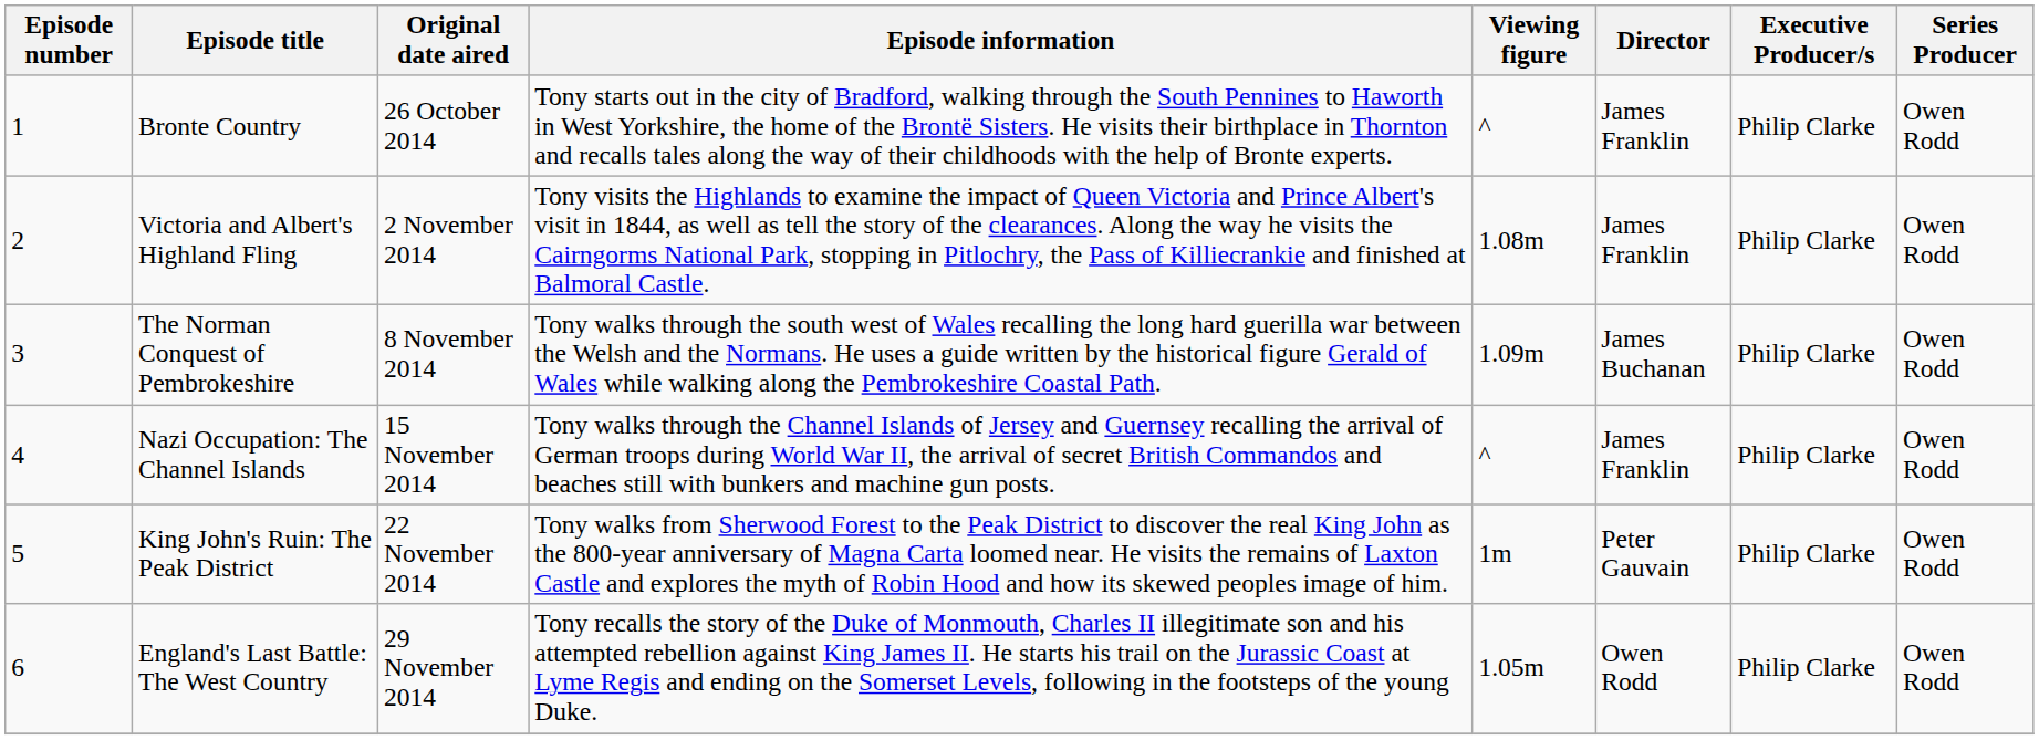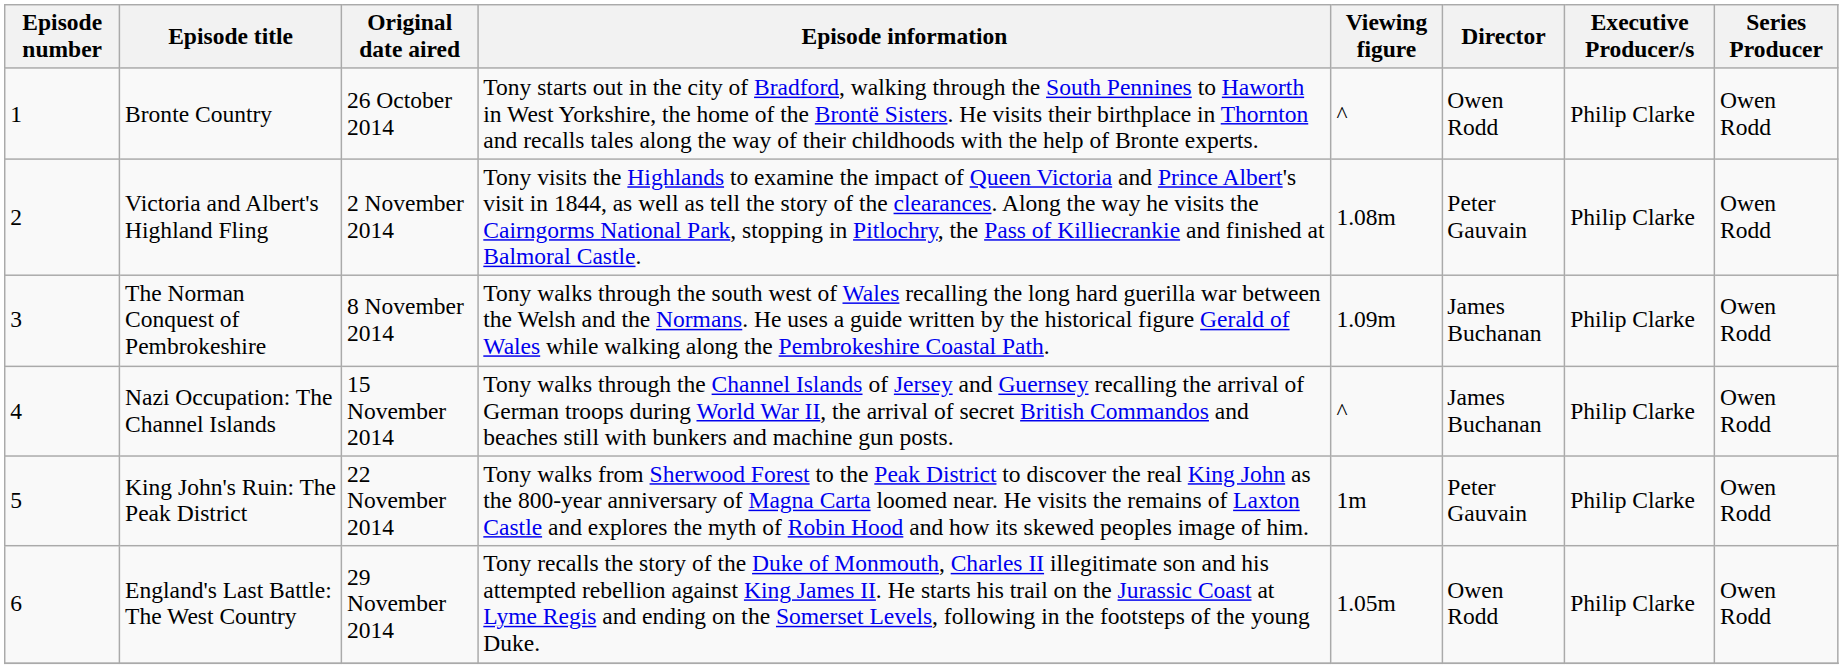 <table class="wikitable sortable">
 <tr>
 <th>Episode number</th>
 <th>Episode title</th>
 <th>Original date aired</th>
 <th>Episode information</th>
 <th>Viewing figure</th>
 <th>Director</th>
 <th>Executive Producer/s</th>
 <th>Series Producer</th>
 </tr>
 <tr>
 <td>1</td>
 <td>Bronte Country</td>
 <td>26 October 2014</td>
 <td>Tony starts out in the city of <a href='#'>Bradford</a>, walking through the <a href='#'>South Pennines</a> to <a href='#'>Haworth</a> in West Yorkshire, the home of the <a href='#'>Brontë Sisters</a>. He visits their birthplace in <a href='#'>Thornton</a> and recalls tales along the way of their childhoods with the help of Bronte experts.</td>
 <td>^</td>
-<td>James Franklin</td>
+<td>Owen Rodd</td>
 <td>Philip Clarke</td>
 <td>Owen Rodd</td>
 </tr>
 <tr>
 <td>2</td>
 <td>Victoria and Albert's Highland Fling</td>
 <td>2 November 2014</td>
 <td>Tony visits the <a href='#'>Highlands</a> to examine the impact of <a href='#'>Queen Victoria</a> and <a href='#'>Prince Albert</a>'s visit in 1844, as well as tell the story of the <a href='#'>clearances</a>. Along the way he visits the <a href='#'>Cairngorms National Park</a>, stopping in <a href='#'>Pitlochry</a>, the <a href='#'>Pass of Killiecrankie</a> and finished at <a href='#'>Balmoral Castle</a>.</td>
 <td>1.08m</td>
-<td>James Franklin</td>
+<td>Peter Gauvain</td>
 <td>Philip Clarke</td>
 <td>Owen Rodd</td>
 </tr>
 <tr>
 <td>3</td>
 <td>The Norman Conquest of Pembrokeshire</td>
 <td>8 November 2014</td>
 <td>Tony walks through the south west of <a href='#'>Wales</a> recalling the long hard guerilla war between the Welsh and the <a href='#'>Normans</a>. He uses a guide written by the historical figure <a href='#'>Gerald of Wales</a> while walking along the <a href='#'>Pembrokeshire Coastal Path</a>.</td>
 <td>1.09m</td>
 <td>James Buchanan</td>
 <td>Philip Clarke</td>
 <td>Owen Rodd</td>
 </tr>
 <tr>
 <td>4</td>
 <td>Nazi Occupation: The Channel Islands</td>
 <td>15 November 2014</td>
 <td>Tony walks through the <a href='#'>Channel Islands</a> of <a href='#'>Jersey</a> and <a href='#'>Guernsey</a> recalling the arrival of German troops during <a href='#'>World War II</a>, the arrival of secret <a href='#'>British Commandos</a> and beaches still with bunkers and machine gun posts.</td>
 <td>^</td>
-<td>James Franklin</td>
+<td>James Buchanan</td>
 <td>Philip Clarke</td>
 <td>Owen Rodd</td>
 </tr>
 <tr>
 <td>5</td>
 <td>King John's Ruin: The Peak District</td>
 <td>22 November 2014</td>
 <td>Tony walks from <a href='#'>Sherwood Forest</a> to the <a href='#'>Peak District</a> to discover the real <a href='#'>King John</a> as the 800-year anniversary of <a href='#'>Magna Carta</a> loomed near. He visits the remains of <a href='#'>Laxton Castle</a> and explores the myth of <a href='#'>Robin Hood</a> and how its skewed peoples image of him.</td>
 <td>1m</td>
 <td>Peter Gauvain</td>
 <td>Philip Clarke</td>
 <td>Owen Rodd</td>
 </tr>
 <tr>
 <td>6</td>
 <td>England's Last Battle: The West Country</td>
 <td>29 November 2014</td>
 <td>Tony recalls the story of the <a href='#'>Duke of Monmouth</a>, <a href='#'>Charles II</a> illegitimate son and his attempted rebellion against <a href='#'>King James II</a>. He starts his trail on the <a href='#'>Jurassic Coast</a> at <a href='#'>Lyme Regis</a> and ending on the <a href='#'>Somerset Levels</a>, following in the footsteps of the young Duke.</td>
 <td>1.05m</td>
 <td>Owen Rodd</td>
 <td>Philip Clarke</td>
 <td>Owen Rodd</td>
 </tr>
 <tr>
 </tr>
 </table>
